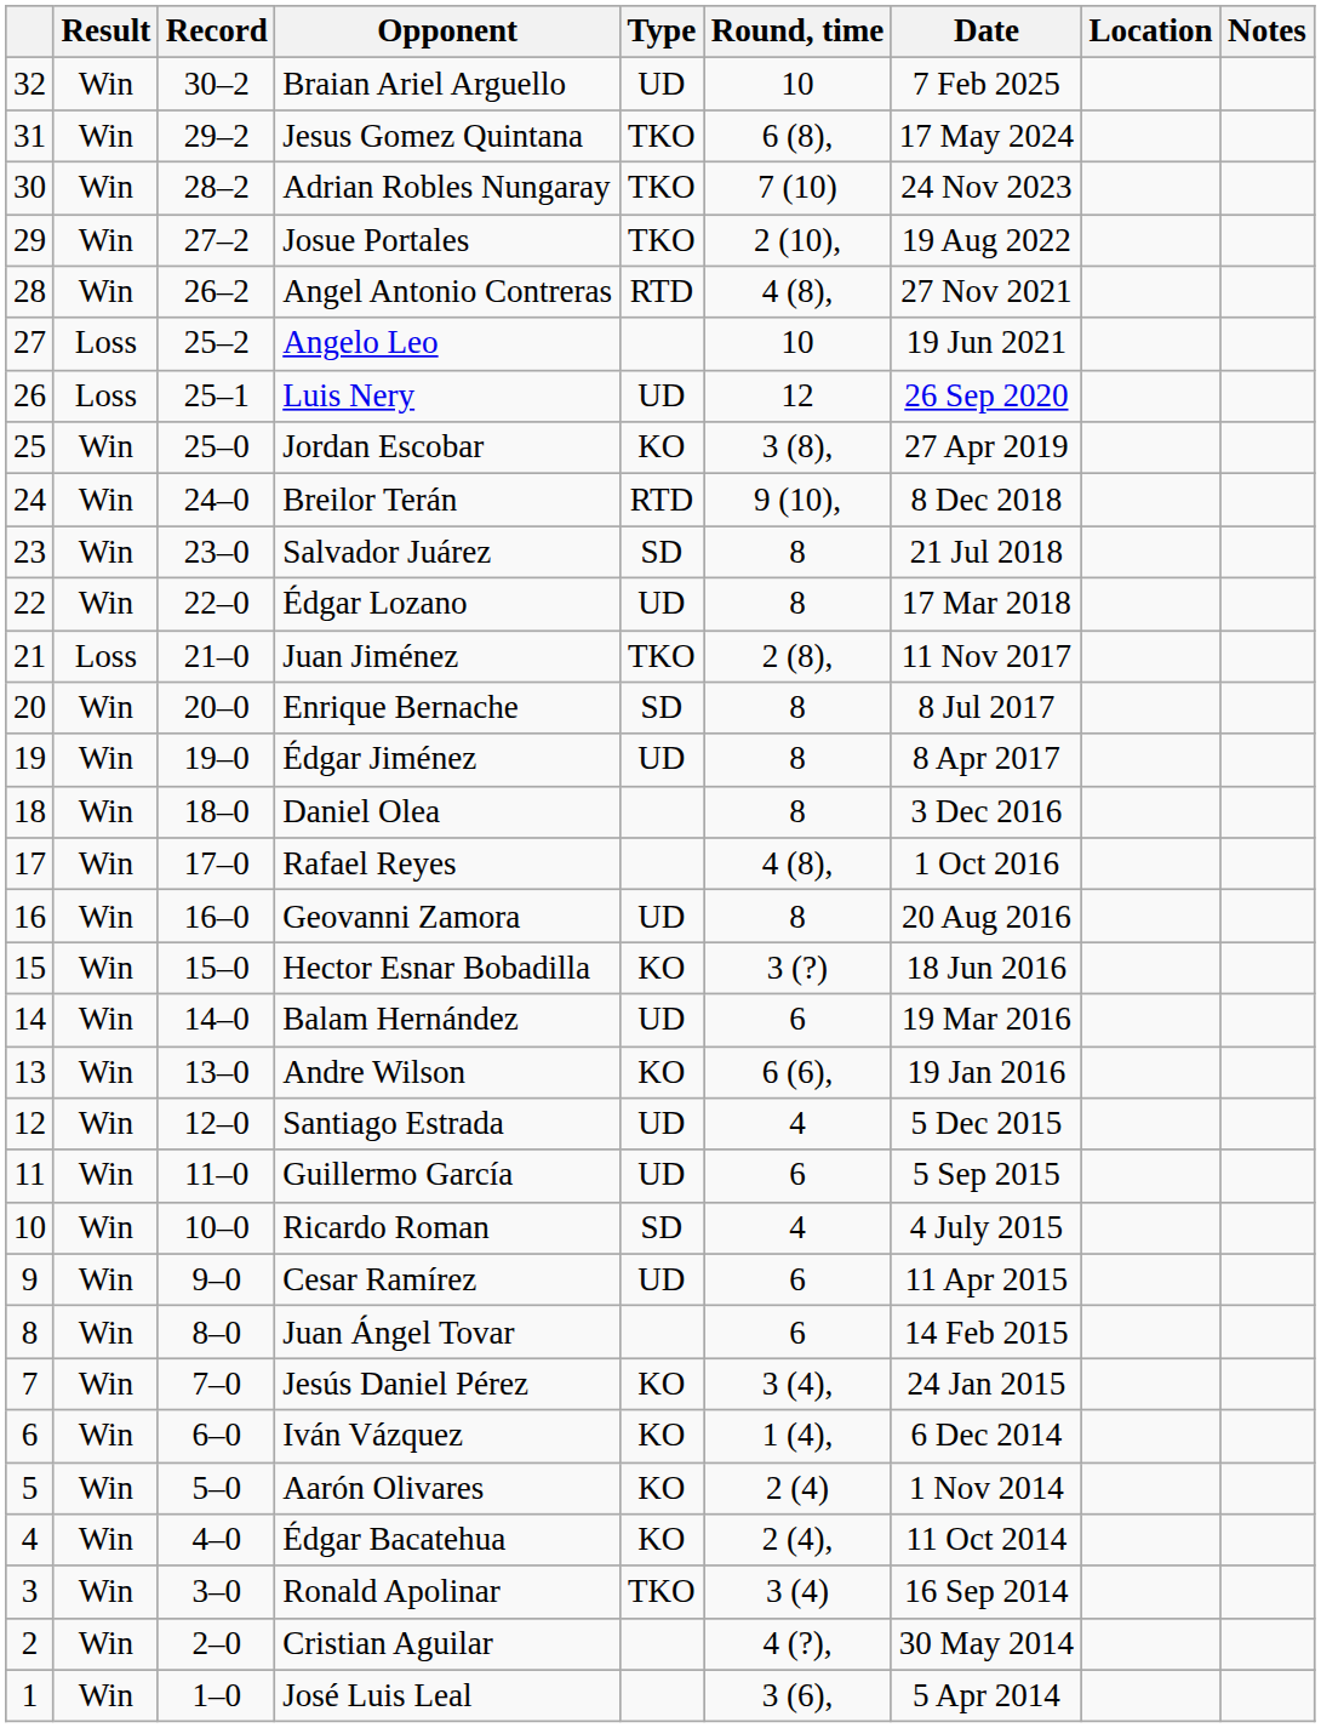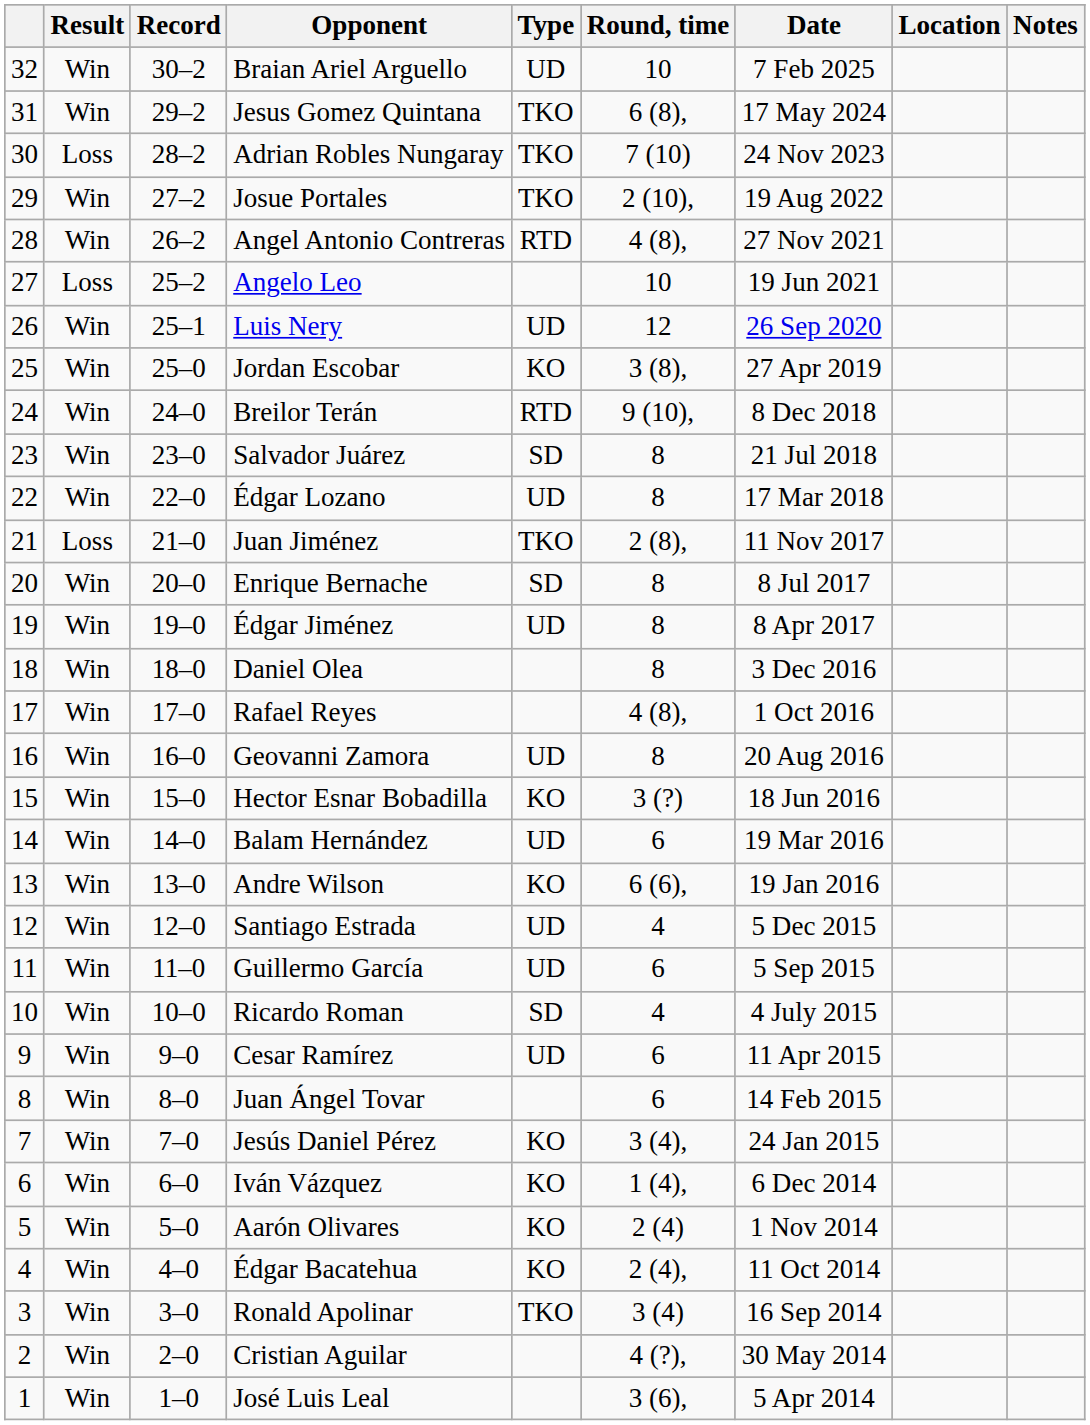 <table class="wikitable" style="text-align:center">
 <tr>
 <th></th>
 <th>Result</th>
 <th>Record</th>
 <th>Opponent</th>
 <th>Type</th>
 <th>Round, time</th>
 <th>Date</th>
 <th>Location</th>
 <th>Notes</th>
 </tr>
 <tr>
 <td>32</td>
 <td>Win</td>
 <td>30–2</td>
 <td style="text-align:left;">Braian Ariel Arguello</td>
 <td>UD</td>
 <td>10</td>
 <td>7 Feb 2025</td>
 <td style="text-align:left;"></td>
 <td></td>
 </tr>
 <tr>
 <td>31</td>
 <td>Win</td>
 <td>29–2</td>
 <td style="text-align:left;">Jesus Gomez Quintana</td>
 <td>TKO</td>
 <td>6 (8), </td>
 <td>17 May 2024</td>
 <td style="text-align:left;"></td>
 <td></td>
 </tr>
 <tr>
 <td>30</td>
-<td>Win</td>
+<td>Loss</td>
 <td>28–2</td>
 <td style="text-align:left;">Adrian Robles Nungaray</td>
 <td>TKO</td>
 <td>7 (10)</td>
 <td>24 Nov 2023</td>
 <td style="text-align:left;"></td>
 <td></td>
 </tr>
 <tr>
 <td>29</td>
 <td>Win</td>
 <td>27–2</td>
 <td style="text-align:left;">Josue Portales</td>
 <td>TKO</td>
 <td>2 (10), </td>
 <td>19 Aug 2022</td>
 <td style="text-align:left;"></td>
 <td></td>
 </tr>
 <tr>
 <td>28</td>
 <td>Win</td>
 <td>26–2</td>
 <td style="text-align:left;">Angel Antonio Contreras</td>
 <td>RTD</td>
 <td>4 (8), </td>
 <td>27 Nov 2021</td>
 <td style="text-align:left;"> </td>
 <td></td>
 </tr>
 <tr>
 <td>27</td>
 <td>Loss</td>
 <td>25–2</td>
 <td style="text-align:left;"> <a href='#'>Angelo Leo</a></td>
 <td></td>
 <td>10</td>
 <td>19 Jun 2021</td>
 <td style="text-align:left;"> </td>
 <td></td>
 </tr>
 <tr>
 <td>26</td>
-<td>Loss</td>
+<td>Win</td>
 <td>25–1</td>
 <td style="text-align:left;"> <a href='#'>Luis Nery</a></td>
 <td>UD</td>
 <td>12</td>
 <td><a href='#'>26 Sep 2020</a></td>
 <td style="text-align:left;"> </td>
 <td style="text-align:left;"></td>
 </tr>
 <tr>
 <td>25</td>
 <td>Win</td>
 <td>25–0</td>
 <td style="text-align:left;"> Jordan Escobar</td>
 <td>KO</td>
 <td>3 (8), </td>
 <td>27 Apr 2019</td>
 <td style="text-align:left;"> </td>
 <td></td>
 </tr>
 <tr>
 <td>24</td>
 <td>Win</td>
 <td>24–0</td>
 <td style="text-align:left;"> Breilor Terán</td>
 <td>RTD</td>
 <td>9 (10), </td>
 <td>8 Dec 2018</td>
 <td style="text-align:left;"> </td>
 <td style="text-align:left;"></td>
 </tr>
 <tr>
 <td>23</td>
 <td>Win</td>
 <td>23–0</td>
 <td style="text-align:left;"> Salvador Juárez</td>
 <td>SD</td>
 <td>8</td>
 <td>21 Jul 2018</td>
 <td style="text-align:left;"> </td>
 <td></td>
 </tr>
 <tr>
 <td>22</td>
 <td>Win</td>
 <td>22–0</td>
 <td style="text-align:left;"> Édgar Lozano</td>
 <td>UD</td>
 <td>8</td>
 <td>17 Mar 2018</td>
 <td style="text-align:left;"> </td>
 <td></td>
 </tr>
 <tr>
 <td>21</td>
 <td>Loss</td>
 <td>21–0</td>
 <td style="text-align:left;"> Juan Jiménez</td>
 <td>TKO</td>
 <td>2 (8), </td>
 <td>11 Nov 2017</td>
 <td style="text-align:left;"> </td>
 <td></td>
 </tr>
 <tr>
 <td>20</td>
 <td>Win</td>
 <td>20–0</td>
 <td style="text-align:left;"> Enrique Bernache</td>
 <td>SD</td>
 <td>8</td>
 <td>8 Jul 2017</td>
 <td style="text-align:left;"> </td>
 <td></td>
 </tr>
 <tr>
 <td>19</td>
 <td>Win</td>
 <td>19–0</td>
 <td style="text-align:left;"> Édgar Jiménez</td>
 <td>UD</td>
 <td>8</td>
 <td>8 Apr 2017</td>
 <td style="text-align:left;"> </td>
 <td></td>
 </tr>
 <tr>
 <td>18</td>
 <td>Win</td>
 <td>18–0</td>
 <td style="text-align:left;"> Daniel Olea</td>
 <td></td>
 <td>8</td>
 <td>3 Dec 2016</td>
 <td style="text-align:left;"> </td>
 <td></td>
 </tr>
 <tr>
 <td>17</td>
 <td>Win</td>
 <td>17–0</td>
 <td style="text-align:left;"> Rafael Reyes</td>
 <td></td>
 <td>4 (8), </td>
 <td>1 Oct 2016</td>
 <td style="text-align:left;"> </td>
 <td></td>
 </tr>
 <tr>
 <td>16</td>
 <td>Win</td>
 <td>16–0</td>
 <td style="text-align:left;"> Geovanni Zamora</td>
 <td>UD</td>
 <td>8</td>
 <td>20 Aug 2016</td>
 <td style="text-align:left;"> </td>
 <td></td>
 </tr>
 <tr>
 <td>15</td>
 <td>Win</td>
 <td>15–0</td>
 <td style="text-align:left;"> Hector Esnar Bobadilla</td>
 <td>KO</td>
 <td>3 (?)</td>
 <td>18 Jun 2016</td>
 <td style="text-align:left;"> </td>
 <td></td>
 </tr>
 <tr>
 <td>14</td>
 <td>Win</td>
 <td>14–0</td>
 <td style="text-align:left;"> Balam Hernández</td>
 <td>UD</td>
 <td>6</td>
 <td>19 Mar 2016</td>
 <td style="text-align:left;"> </td>
 <td></td>
 </tr>
 <tr>
 <td>13</td>
 <td>Win</td>
 <td>13–0</td>
 <td style="text-align:left;"> Andre Wilson</td>
 <td>KO</td>
 <td>6 (6), </td>
 <td>19 Jan 2016</td>
 <td style="text-align:left;"> </td>
 <td></td>
 </tr>
 <tr>
 <td>12</td>
 <td>Win</td>
 <td>12–0</td>
 <td style="text-align:left;"> Santiago Estrada</td>
 <td>UD</td>
 <td>4</td>
 <td>5 Dec 2015</td>
 <td style="text-align:left;"> </td>
 <td></td>
 </tr>
 <tr>
 <td>11</td>
 <td>Win</td>
 <td>11–0</td>
 <td style="text-align:left;"> Guillermo García</td>
 <td>UD</td>
 <td>6</td>
 <td>5 Sep 2015</td>
 <td style="text-align:left;"> </td>
 <td></td>
 </tr>
 <tr>
 <td>10</td>
 <td>Win</td>
 <td>10–0</td>
 <td style="text-align:left;"> Ricardo Roman</td>
 <td>SD</td>
 <td>4</td>
 <td>4 July 2015</td>
 <td style="text-align:left;"> </td>
 <td></td>
 </tr>
 <tr>
 <td>9</td>
 <td>Win</td>
 <td>9–0</td>
 <td style="text-align:left;"> Cesar Ramírez</td>
 <td>UD</td>
 <td>6</td>
 <td>11 Apr 2015</td>
 <td style="text-align:left;"> </td>
 <td></td>
 </tr>
 <tr>
 <td>8</td>
 <td>Win</td>
 <td>8–0</td>
 <td style="text-align:left;"> Juan Ángel Tovar</td>
 <td></td>
 <td>6</td>
 <td>14 Feb 2015</td>
 <td style="text-align:left;"> </td>
 <td></td>
 </tr>
 <tr>
 <td>7</td>
 <td>Win</td>
 <td>7–0</td>
 <td style="text-align:left;"> Jesús Daniel Pérez</td>
 <td>KO</td>
 <td>3 (4), </td>
 <td>24 Jan 2015</td>
 <td style="text-align:left;"> </td>
 <td></td>
 </tr>
 <tr>
 <td>6</td>
 <td>Win</td>
 <td>6–0</td>
 <td style="text-align:left;"> Iván Vázquez</td>
 <td>KO</td>
 <td>1 (4), </td>
 <td>6 Dec 2014</td>
 <td style="text-align:left;"> </td>
 <td></td>
 </tr>
 <tr>
 <td>5</td>
 <td>Win</td>
 <td>5–0</td>
 <td style="text-align:left;"> Aarón Olivares</td>
 <td>KO</td>
 <td>2 (4)</td>
 <td>1 Nov 2014</td>
 <td style="text-align:left;"> </td>
 <td></td>
 </tr>
 <tr>
 <td>4</td>
 <td>Win</td>
 <td>4–0</td>
 <td style="text-align:left;"> Édgar Bacatehua</td>
 <td>KO</td>
 <td>2 (4), </td>
 <td>11 Oct 2014</td>
 <td style="text-align:left;"> </td>
 <td></td>
 </tr>
 <tr>
 <td>3</td>
 <td>Win</td>
 <td>3–0</td>
 <td style="text-align:left;"> Ronald Apolinar</td>
 <td>TKO</td>
 <td>3 (4)</td>
 <td>16 Sep 2014</td>
 <td style="text-align:left;"> </td>
 <td></td>
 </tr>
 <tr>
 <td>2</td>
 <td>Win</td>
 <td>2–0</td>
 <td style="text-align:left;"> Cristian Aguilar</td>
 <td></td>
 <td>4 (?), </td>
 <td>30 May 2014</td>
 <td style="text-align:left;"> </td>
 <td></td>
 </tr>
 <tr>
 <td>1</td>
 <td>Win</td>
 <td>1–0</td>
 <td style="text-align:left;"> José Luis Leal</td>
 <td></td>
 <td>3 (6), </td>
 <td>5 Apr 2014</td>
 <td style="text-align:left;"> </td>
 <td></td>
 </tr>
 </table>
